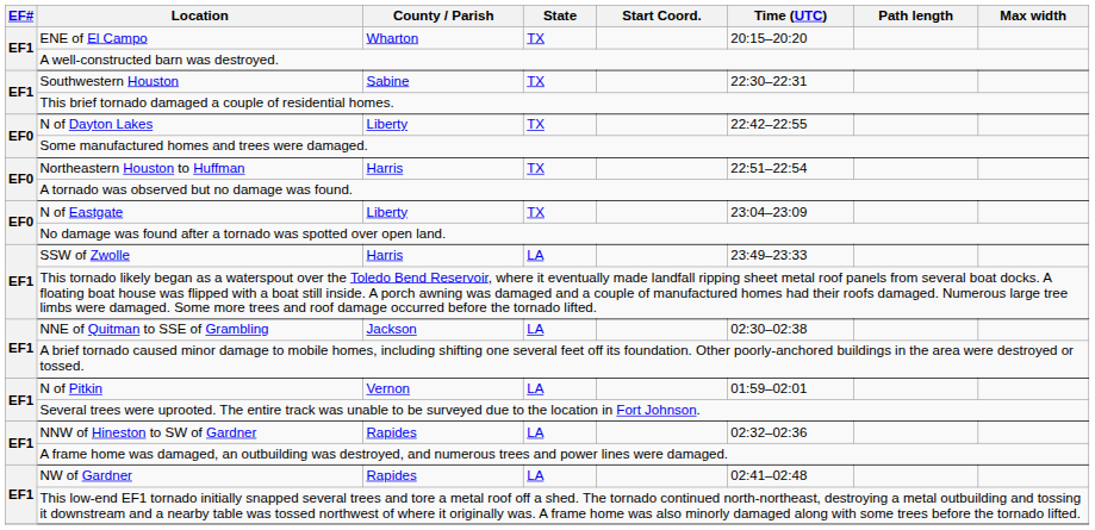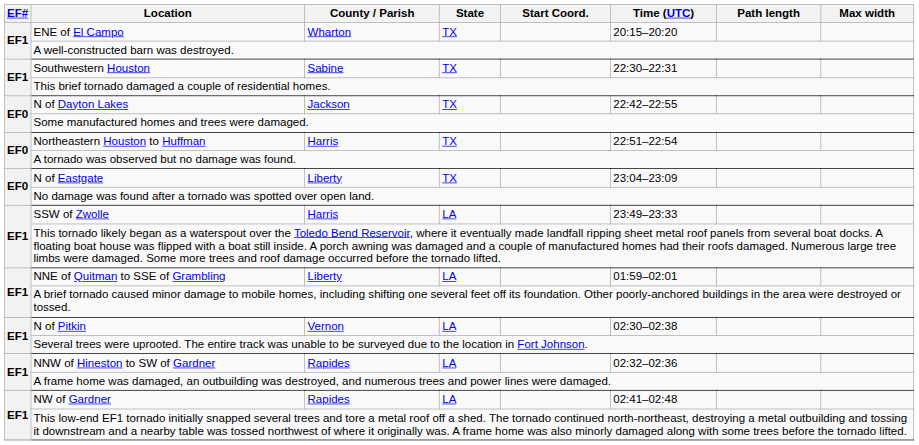 <table class="wikitable sortable" style="width:100%;">
 <tr>
 <th scope="col" width="2%" align="center"><a href='#'>EF#</a></th>
 <th scope="col" align="center" class="unsortable">Location</th>
 <th scope="col" align="center" class="unsortable">County / Parish</th>
 <th scope="col" align="center">State</th>
 <th scope="col" align="center">Start Coord.</th>
 <th scope="col" align="center">Time (<a href='#'>UTC</a>)</th>
 <th scope="col" align="center">Path length</th>
 <th scope="col" align="center">Max width</th>
 </tr>
 <tr>
 <th scope="row" rowspan="2" style="background-color:#">EF1</th>
 <td>ENE of <a href='#'>El Campo</a></td>
 <td><a href='#'>Wharton</a></td>
 <td><a href='#'>TX</a></td>
 <td></td>
 <td>20:15–20:20</td>
 <td></td>
 <td></td>
 </tr>
 <tr class="expand-child">
 <td colspan="8" style=" border-bottom: 1px solid black;">A well-constructed barn was destroyed.</td>
 </tr>
 <tr>
 <th scope="row" rowspan="2" style="background-color:#">EF1</th>
 <td>Southwestern <a href='#'>Houston</a></td>
 <td><a href='#'>Sabine</a></td>
 <td><a href='#'>TX</a></td>
 <td></td>
 <td>22:30–22:31</td>
 <td></td>
 <td></td>
 </tr>
 <tr class="expand-child">
 <td colspan="8" style=" border-bottom: 1px solid black;">This brief tornado damaged a couple of residential homes.</td>
 </tr>
 <tr>
 <th scope="row" rowspan="2" style="background-color:#">EF0</th>
 <td>N of <a href='#'>Dayton Lakes</a></td>
-<td><a href='#'>Liberty</a></td>
+<td><a href='#'>Jackson</a></td>
 <td><a href='#'>TX</a></td>
 <td></td>
 <td>22:42–22:55</td>
 <td></td>
 <td></td>
 </tr>
 <tr class="expand-child">
 <td colspan="8" style=" border-bottom: 1px solid black;">Some manufactured homes and trees were damaged.</td>
 </tr>
 <tr>
 <th scope="row" rowspan="2" style="background-color:#">EF0</th>
 <td>Northeastern <a href='#'>Houston</a> to <a href='#'>Huffman</a></td>
 <td><a href='#'>Harris</a></td>
 <td><a href='#'>TX</a></td>
 <td></td>
 <td>22:51–22:54</td>
 <td></td>
 <td></td>
 </tr>
 <tr class="expand-child">
 <td colspan="8" style=" border-bottom: 1px solid black;">A tornado was observed but no damage was found.</td>
 </tr>
 <tr>
 <th scope="row" rowspan="2" style="background-color:#">EF0</th>
 <td>N of <a href='#'>Eastgate</a></td>
 <td><a href='#'>Liberty</a></td>
 <td><a href='#'>TX</a></td>
 <td></td>
 <td>23:04–23:09</td>
 <td></td>
 <td></td>
 </tr>
 <tr class="expand-child">
 <td colspan="8" style=" border-bottom: 1px solid black;">No damage was found after a tornado was spotted over open land.</td>
 </tr>
 <tr>
 <th scope="row" rowspan="2" style="background-color:#">EF1</th>
 <td>SSW of <a href='#'>Zwolle</a></td>
 <td><a href='#'>Harris</a></td>
 <td><a href='#'>LA</a></td>
 <td></td>
 <td>23:49–23:33</td>
 <td></td>
 <td></td>
 </tr>
 <tr class="expand-child">
 <td colspan="8" style=" border-bottom: 1px solid black;">This tornado likely began as a waterspout over the <a href='#'>Toledo Bend Reservoir</a>, where it eventually made landfall ripping sheet metal roof panels from several boat docks. A floating boat house was flipped with a boat still inside. A porch awning was damaged and a couple of manufactured homes had their roofs damaged. Numerous large tree limbs were damaged. Some more trees and roof damage occurred before the tornado lifted.</td>
 </tr>
 <tr>
 <th scope="row" rowspan="2" style="background-color:#">EF1</th>
 <td>NNE of <a href='#'>Quitman</a> to SSE of <a href='#'>Grambling</a></td>
-<td><a href='#'>Jackson</a></td>
+<td><a href='#'>Liberty</a></td>
 <td><a href='#'>LA</a></td>
 <td></td>
-<td>02:30–02:38</td>
+<td>01:59–02:01</td>
 <td></td>
 <td></td>
 </tr>
 <tr class="expand-child">
 <td colspan="8" style=" border-bottom: 1px solid black;">A brief tornado caused minor damage to mobile homes, including shifting one several feet off its foundation. Other poorly-anchored buildings in the area were destroyed or tossed.</td>
 </tr>
 <tr>
 <th scope="row" rowspan="2" style="background-color:#">EF1</th>
 <td>N of <a href='#'>Pitkin</a></td>
 <td><a href='#'>Vernon</a></td>
 <td><a href='#'>LA</a></td>
 <td></td>
-<td>01:59–02:01</td>
+<td>02:30–02:38</td>
 <td></td>
 <td></td>
 </tr>
 <tr class="expand-child">
 <td colspan="8" style=" border-bottom: 1px solid black;">Several trees were uprooted. The entire track was unable to be surveyed due to the location in <a href='#'>Fort Johnson</a>.</td>
 </tr>
 <tr>
 <th scope="row" rowspan="2" style="background-color:#">EF1</th>
 <td>NNW of <a href='#'>Hineston</a> to SW of <a href='#'>Gardner</a></td>
 <td><a href='#'>Rapides</a></td>
 <td><a href='#'>LA</a></td>
 <td></td>
 <td>02:32–02:36</td>
 <td></td>
 <td></td>
 </tr>
 <tr class="expand-child">
 <td colspan="8" style=" border-bottom: 1px solid black;">A frame home was damaged, an outbuilding was destroyed, and numerous trees and power lines were damaged.</td>
 </tr>
 <tr>
 <th scope="row" rowspan="2" style="background-color:#">EF1</th>
 <td>NW of <a href='#'>Gardner</a></td>
 <td><a href='#'>Rapides</a></td>
 <td><a href='#'>LA</a></td>
 <td></td>
 <td>02:41–02:48</td>
 <td></td>
 <td></td>
 </tr>
 <tr class="expand-child">
 <td colspan="8" style=" border-bottom: 1px solid black;">This low-end EF1 tornado initially snapped several trees and tore a metal roof off a shed. The tornado continued north-northeast, destroying a metal outbuilding and tossing it  downstream and a nearby table was tossed  northwest of where it originally was. A frame home was also minorly damaged along with some trees before the tornado lifted.</td>
 </tr>
 <tr>
 </tr>
 </table>
